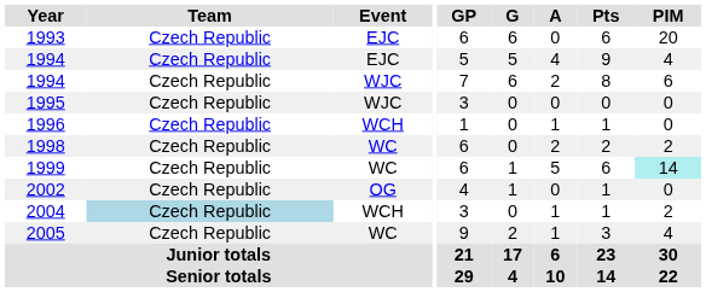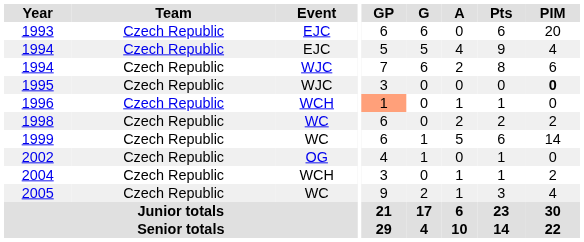 <table border="0" cellpadding="1" cellspacing="0" ID="Table3" style="text-align:center; width:40em">
 <tr ALIGN="center" bgcolor="#e0e0e0">
 <th>Year</th>
 <th>Team</th>
 <th>Event</th>
 <th rowspan="99" bgcolor="#ffffff"></th>
 <th>GP</th>
 <th>G</th>
 <th>A</th>
 <th>Pts</th>
 <th>PIM</th>
 </tr>
 <tr>
 <td><a href='#'>1993</a></td>
 <td><a href='#'>Czech Republic</a></td>
 <td><a href='#'>EJC</a></td>
 <td>6</td>
 <td>6</td>
 <td>0</td>
 <td>6</td>
 <td>20</td>
 </tr>
 <tr bgcolor="#f0f0f0">
 <td><a href='#'>1994</a></td>
 <td><a href='#'>Czech Republic</a></td>
 <td>EJC</td>
 <td>5</td>
 <td>5</td>
 <td>4</td>
 <td>9</td>
 <td>4</td>
 </tr>
 <tr>
 <td><a href='#'>1994</a></td>
 <td>Czech Republic</td>
 <td><a href='#'>WJC</a></td>
 <td>7</td>
 <td>6</td>
 <td>2</td>
 <td>8</td>
 <td>6</td>
 </tr>
 <tr bgcolor="#f0f0f0">
 <td><a href='#'>1995</a></td>
 <td>Czech Republic</td>
 <td>WJC</td>
 <td>3</td>
 <td>0</td>
 <td>0</td>
 <td>0</td>
-<td>0</td>
+<td><strong>0</strong></td>
 </tr>
 <tr>
 <td><a href='#'>1996</a></td>
 <td><a href='#'>Czech Republic</a></td>
 <td><a href='#'>WCH</a></td>
-<td>1</td>
+<td style="background: lightsalmon;">1</td>
 <td>0</td>
 <td>1</td>
 <td>1</td>
 <td>0</td>
 </tr>
 <tr bgcolor="#f0f0f0">
 <td><a href='#'>1998</a></td>
 <td>Czech Republic</td>
 <td><a href='#'>WC</a></td>
 <td>6</td>
 <td>0</td>
 <td>2</td>
 <td>2</td>
 <td>2</td>
 </tr>
 <tr>
 <td><a href='#'>1999</a></td>
 <td>Czech Republic</td>
 <td>WC</td>
 <td>6</td>
 <td>1</td>
 <td>5</td>
 <td>6</td>
-<td style="background: paleturquoise;">14</td>
+<td>14</td>
 </tr>
 <tr bgcolor="#f0f0f0">
 <td><a href='#'>2002</a></td>
 <td>Czech Republic</td>
 <td><a href='#'>OG</a></td>
 <td>4</td>
 <td>1</td>
 <td>0</td>
 <td>1</td>
 <td>0</td>
 </tr>
 <tr>
 <td><a href='#'>2004</a></td>
-<td style="background: lightblue;">Czech Republic</td>
+<td>Czech Republic</td>
 <td>WCH</td>
 <td>3</td>
 <td>0</td>
 <td>1</td>
 <td>1</td>
 <td>2</td>
 </tr>
 <tr bgcolor="#f0f0f0">
 <td><a href='#'>2005</a></td>
 <td>Czech Republic</td>
 <td>WC</td>
 <td>9</td>
 <td>2</td>
 <td>1</td>
 <td>3</td>
 <td>4</td>
 </tr>
 <tr bgcolor="#e0e0e0">
 <th colspan="3">Junior totals</th>
 <th>21</th>
 <th>17</th>
 <th>6</th>
 <th>23</th>
 <th>30</th>
 </tr>
 <tr bgcolor="#e0e0e0">
 <th colspan="3">Senior totals</th>
 <th>29</th>
 <th>4</th>
 <th>10</th>
 <th>14</th>
 <th>22</th>
 </tr>
 </table>
